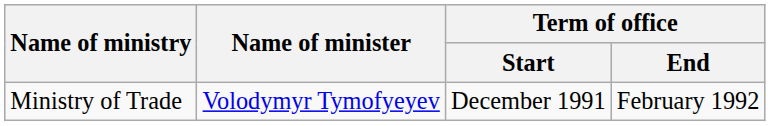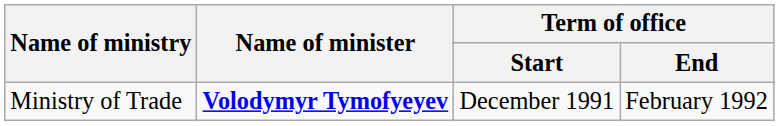 <table class="wikitable">
 <tr>
 <th rowspan="2">Name of ministry</th>
 <th rowspan="2">Name of minister</th>
 <th colspan="2">Term of office</th>
 </tr>
 <tr>
 <th>Start</th>
 <th>End</th>
 </tr>
 <tr>
 <td>Ministry of Trade</td>
-<td><a href='#'>Volodymyr Tymofyeyev</a></td>
+<td><strong><a href='#'>Volodymyr Tymofyeyev</a></strong></td>
 <td>December 1991</td>
 <td>February 1992</td>
 </tr>
 </table>
